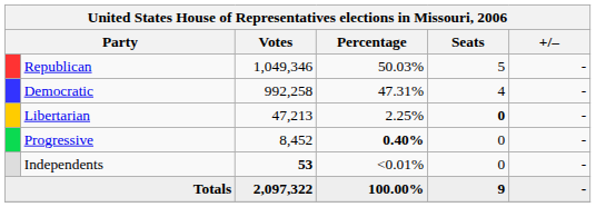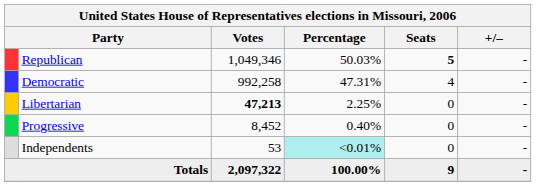 <table class="wikitable" style="font-size: 95%;">
 <tr>
 <th colspan="6">United States House of Representatives elections in Missouri, 2006</th>
 </tr>
 <tr>
 <th colspan=2 style="width: 15em">Party</th>
 <th style="width: 5em">Votes</th>
 <th style="width: 7em">Percentage</th>
 <th style="width: 5em">Seats</th>
 <th style="width: 5em">+/–</th>
 </tr>
 <tr>
 <th style="background-color:#FF3333; width: 3px"></th>
 <td style="width: 130px"><a href='#'>Republican</a></td>
 <td align="right">1,049,346</td>
 <td align="right">50.03%</td>
-<td align="right">5</td>
+<td align="right"><strong>5</strong></td>
 <td align="right">-</td>
 </tr>
 <tr>
 <th style="background-color:#3333FF; width: 3px"></th>
 <td style="width: 130px"><a href='#'>Democratic</a></td>
 <td align="right">992,258</td>
 <td align="right">47.31%</td>
 <td align="right">4</td>
 <td align="right">-</td>
 </tr>
 <tr>
 <th style="background-color:#FFCC00; width: 3px"></th>
 <td style="width: 130px"><a href='#'>Libertarian</a></td>
-<td align="right">47,213</td>
+<td align="right"><strong>47,213</strong></td>
 <td align="right">2.25%</td>
-<td align="right"><strong>0</strong></td>
+<td align="right">0</td>
 <td align="right">-</td>
 </tr>
 <tr>
 <th style="background-color:#0BDA51; width: 3px"></th>
 <td style="width: 130px"><a href='#'>Progressive</a></td>
 <td align="right">8,452</td>
-<td align="right"><strong>0.40%</strong></td>
+<td align="right">0.40%</td>
 <td align="right">0</td>
 <td align="right">-</td>
 </tr>
 <tr>
 <th style="background-color:#DDDDDD; width: 3px"></th>
 <td style="width: 130px">Independents</td>
-<td align="right"><strong>53</strong></td>
-<td align="right"><0.01%</td>
+<td align="right">53</td>
+<td align="right" style="background: paleturquoise;"><0.01%</td>
 <td align="right">0</td>
 <td align="right">-</td>
 </tr>
 <tr bgcolor="#EEEEEE">
 <td colspan="2" align="right"><strong>Totals</strong></td>
 <td align="right"><strong>2,097,322</strong></td>
 <td align="right"><strong>100.00%</strong></td>
 <td align="right"><strong>9</strong></td>
 <td align="right"><strong>-</strong></td>
 </tr>
 <tr bgcolor="#EEEEEE">
 </tr>
 </table>
